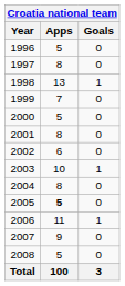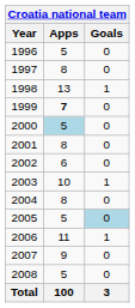 <table class="wikitable" style="text-align:center">
 <tr>
 <th colspan=3><a href='#'>Croatia national team</a></th>
 </tr>
 <tr>
 <th>Year</th>
 <th>Apps</th>
 <th>Goals</th>
 </tr>
 <tr>
 <td>1996</td>
 <td>5</td>
 <td>0</td>
 </tr>
 <tr>
 <td>1997</td>
 <td>8</td>
 <td>0</td>
 </tr>
 <tr>
 <td>1998</td>
 <td>13</td>
 <td>1</td>
 </tr>
 <tr>
 <td>1999</td>
-<td>7</td>
+<td><strong>7</strong></td>
 <td>0</td>
 </tr>
 <tr>
 <td>2000</td>
-<td>5</td>
+<td style="background: lightblue;">5</td>
 <td>0</td>
 </tr>
 <tr>
 <td>2001</td>
 <td>8</td>
 <td>0</td>
 </tr>
 <tr>
 <td>2002</td>
 <td>6</td>
 <td>0</td>
 </tr>
 <tr>
 <td>2003</td>
 <td>10</td>
 <td>1</td>
 </tr>
 <tr>
 <td>2004</td>
 <td>8</td>
 <td>0</td>
 </tr>
 <tr>
 <td>2005</td>
-<td><strong>5</strong></td>
-<td>0</td>
+<td>5</td>
+<td style="background: lightblue;">0</td>
 </tr>
 <tr>
 <td>2006</td>
 <td>11</td>
 <td>1</td>
 </tr>
 <tr>
 <td>2007</td>
 <td>9</td>
 <td>0</td>
 </tr>
 <tr>
 <td>2008</td>
 <td>5</td>
 <td>0</td>
 </tr>
 <tr>
 <th>Total</th>
 <th>100</th>
 <th>3</th>
 </tr>
 </table>
